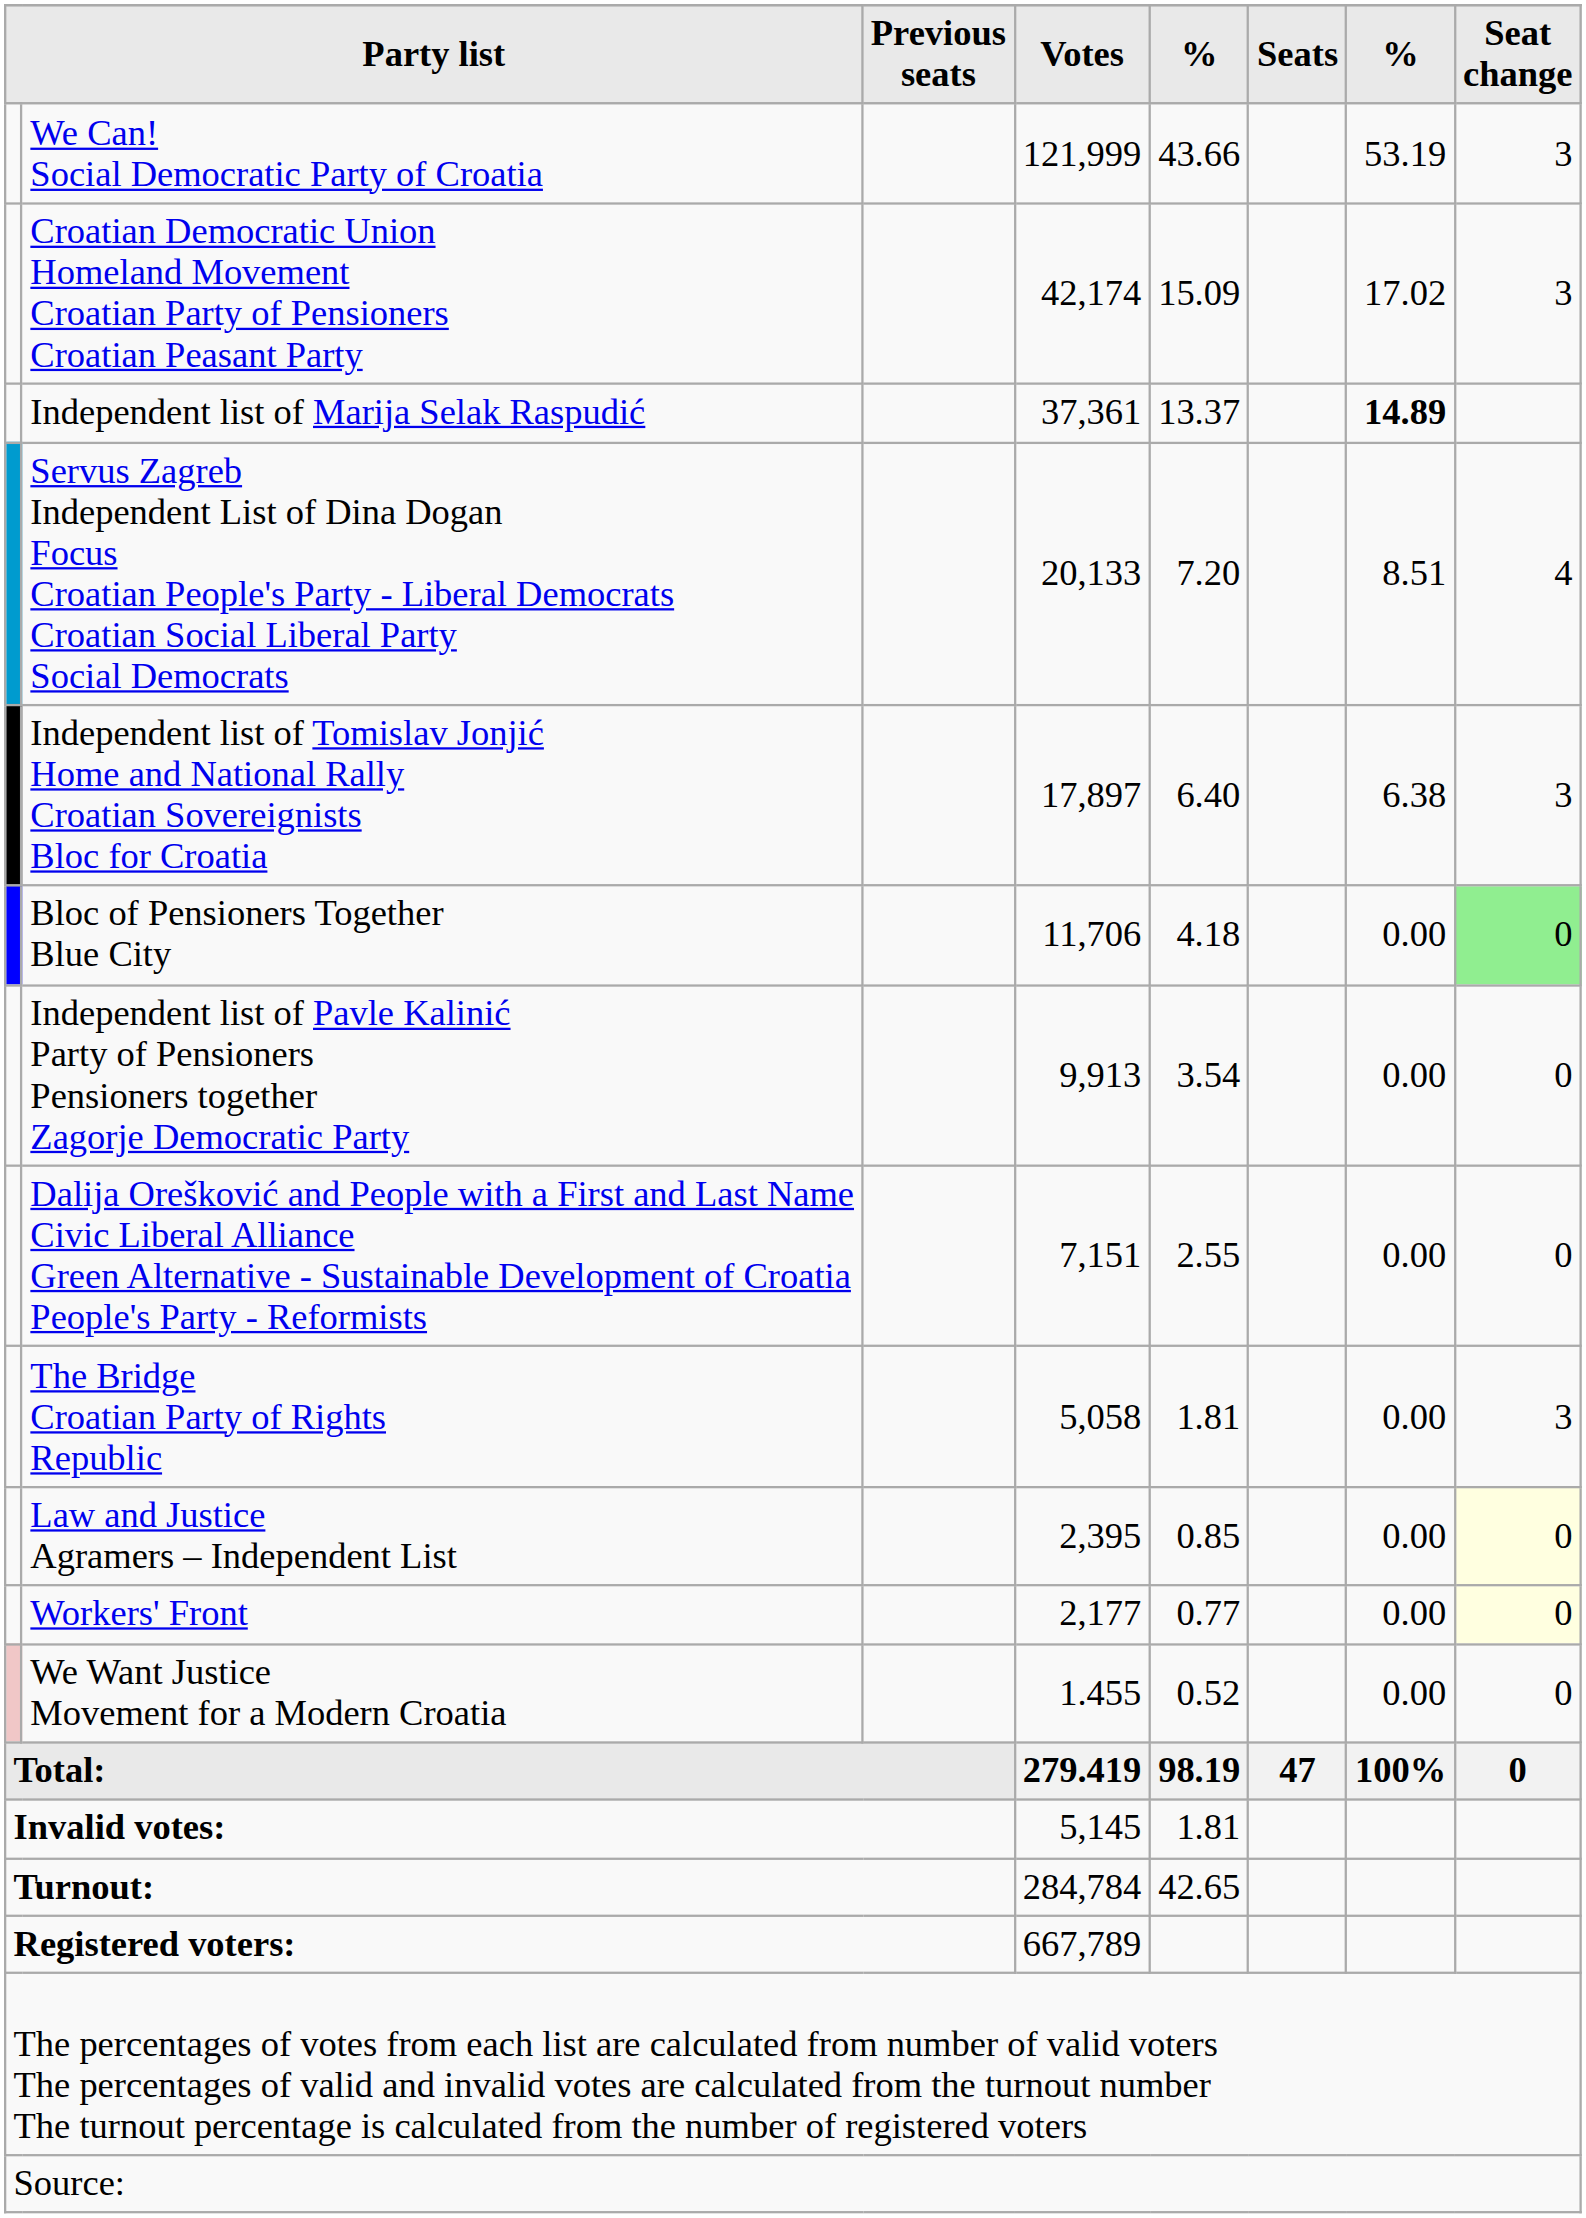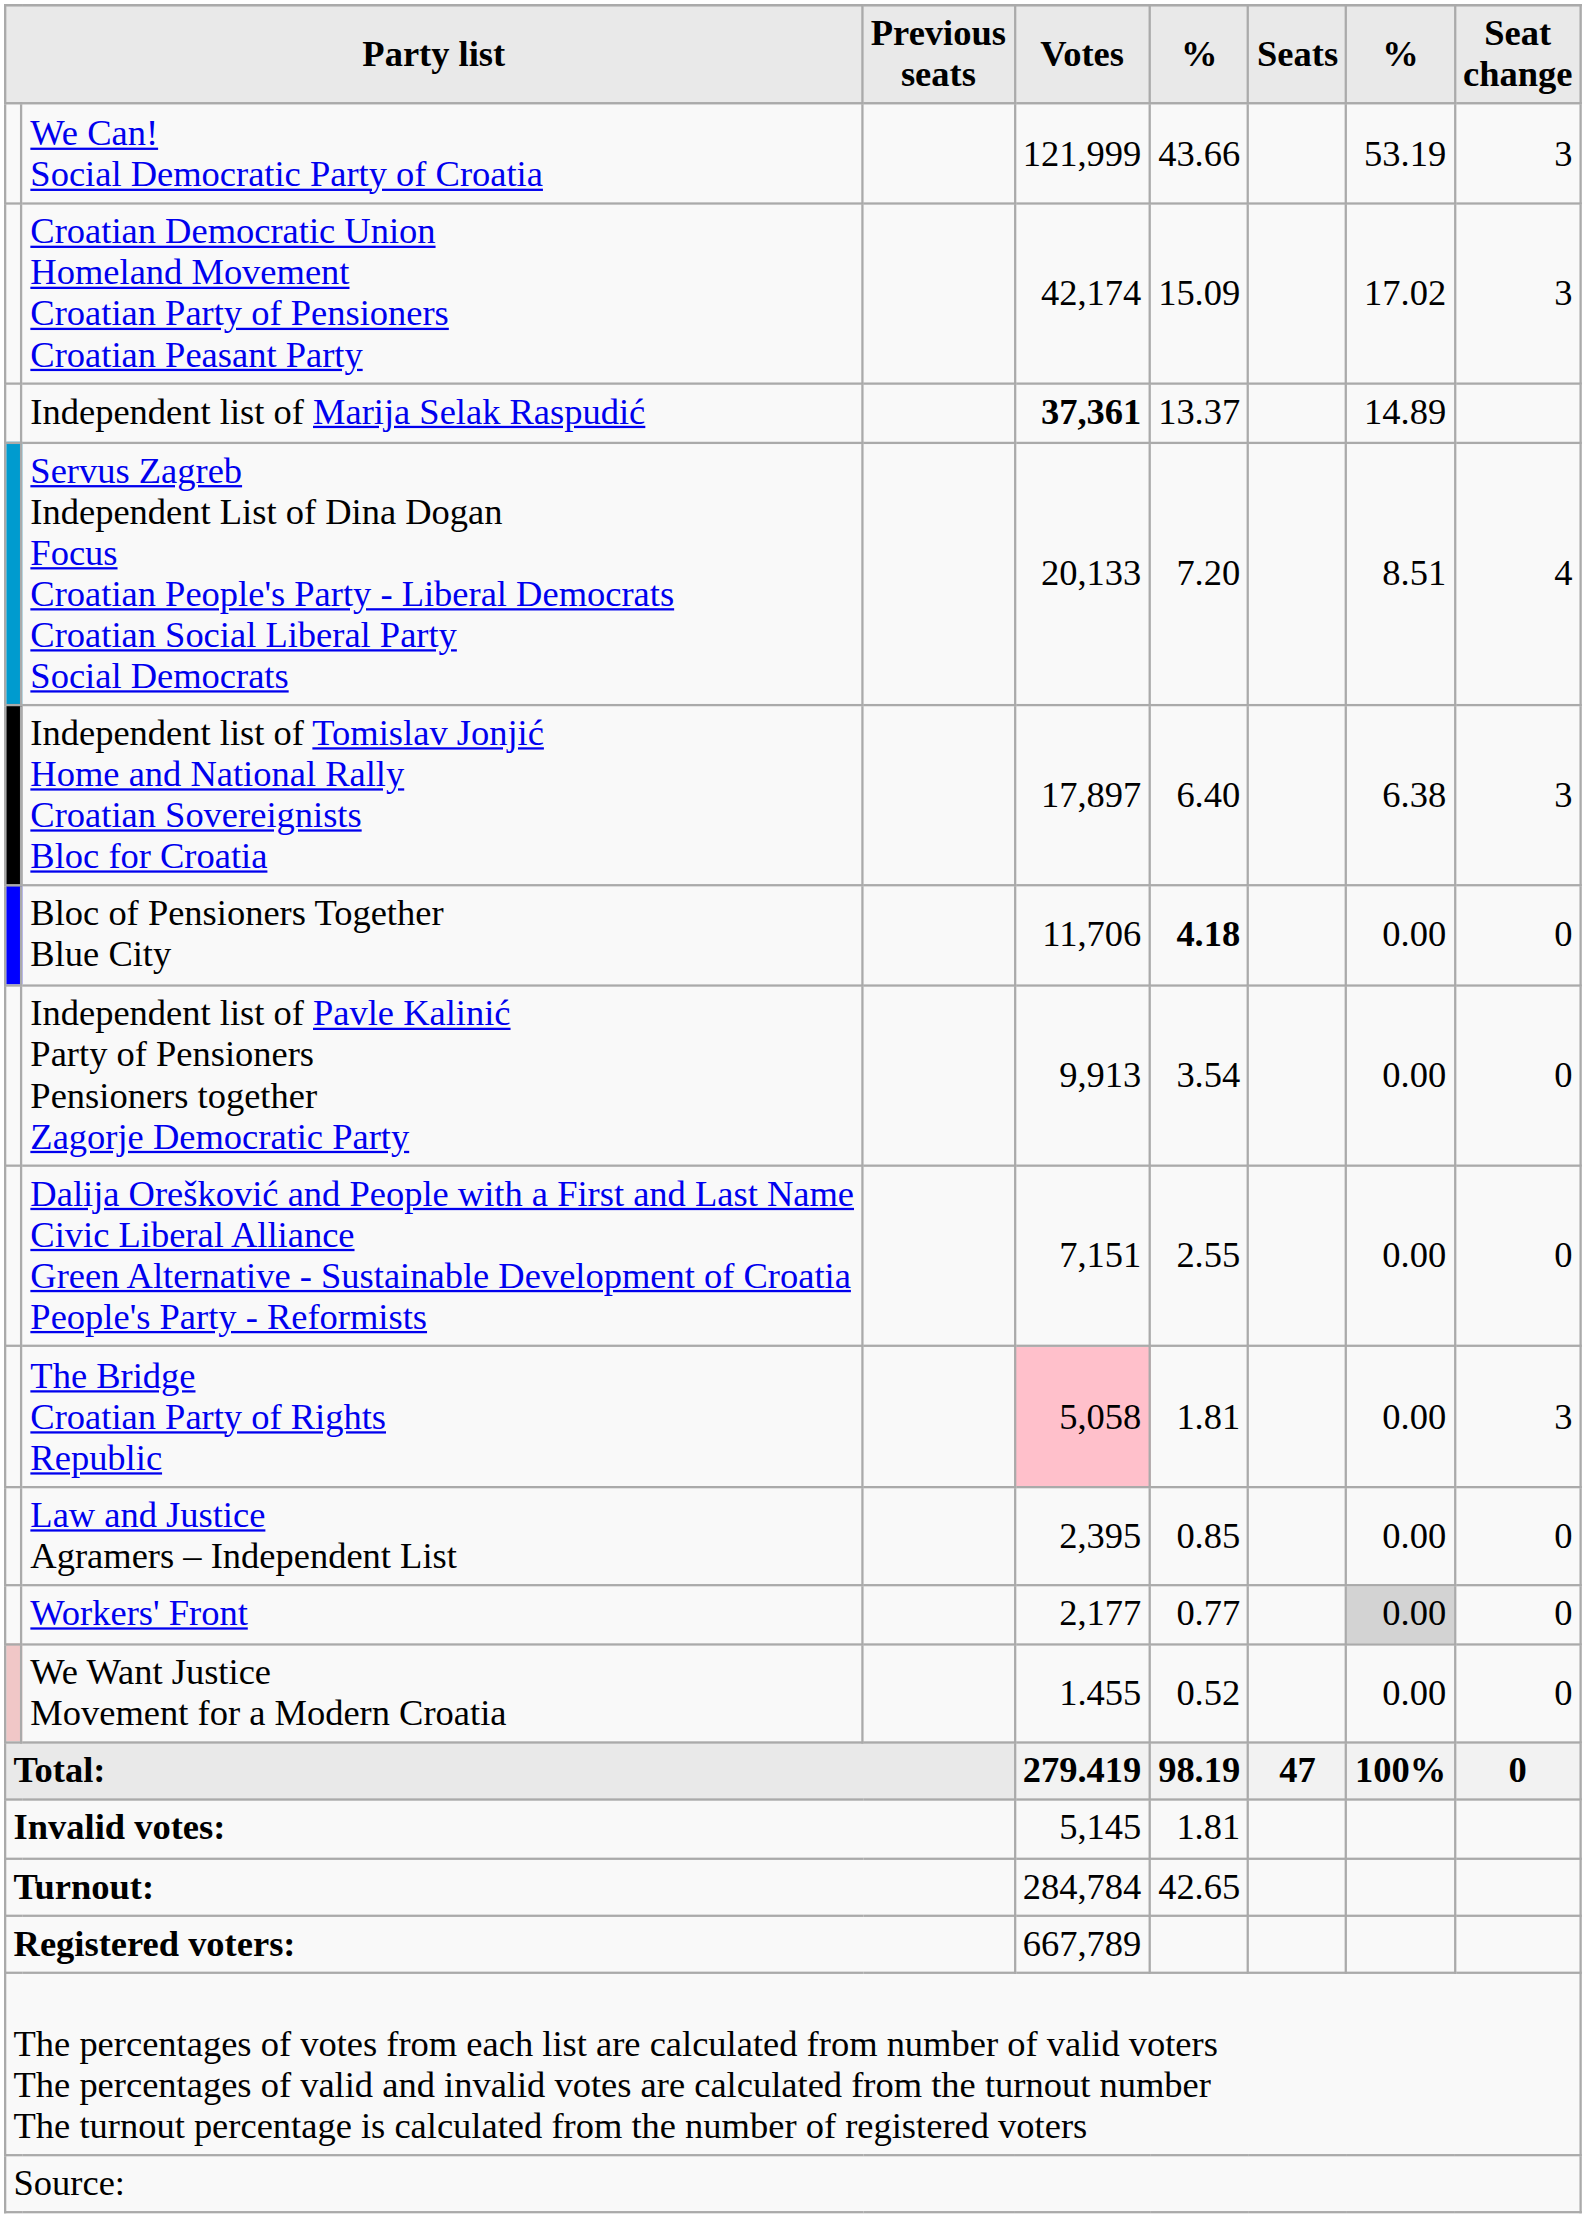 <table class="wikitable" border="1">
 <tr>
 </tr>
 <tr style="background-color:#C9C9C9">
 <th style="background-color:#E9E9E9" align= center colspan="2">Party list</th>
 <th style="background-color:#E9E9E9" align= center>Previous<br>seats</th>
 <th style="background-color:#E9E9E9" align= center>Votes</th>
 <th style="background-color:#E9E9E9" align= center>%</th>
 <th style="background-color:#E9E9E9" align= center>Seats</th>
 <th style="background-color:#E9E9E9" align= center>%</th>
 <th style="background-color:#E9E9E9" align= center>Seat<br>change</th>
 </tr>
 <tr>
 <td bgcolor= ></td>
 <td align = left><a href='#'>We Can!</a> <br> <a href='#'>Social Democratic Party of Croatia</a></td>
 <td align = left></td>
 <td align = right>121,999</td>
 <td align = right>43.66</td>
 <td align = left></td>
 <td align = right>53.19</td>
 <td align = right> 3</td>
 </tr>
 <tr>
 <td bgcolor= ></td>
 <td align = left><a href='#'>Croatian Democratic Union</a> <br><a href='#'>Homeland Movement</a> <br> <a href='#'>Croatian Party of Pensioners</a> <br> <a href='#'>Croatian Peasant Party</a></td>
 <td align = left></td>
 <td align = right>42,174</td>
 <td align = right>15.09</td>
 <td align = left></td>
 <td align = right>17.02</td>
 <td align = right> 3</td>
 </tr>
 <tr>
 <td></td>
 <td align="left">Independent list of <a href='#'>Marija Selak Raspudić</a></td>
 <td align="left"></td>
-<td align="right">37,361</td>
+<td align="right"><strong>37,361</strong></td>
 <td align="right">13.37</td>
 <td align="left"></td>
-<td align="right"><strong>14.89</strong></td>
+<td align="right">14.89</td>
 <td align="right"></td>
 </tr>
 <tr>
 <td bgcolor=#009bcf></td>
 <td align="left"><a href='#'>Servus Zagreb</a> <br> Independent List of Dina Dogan <br> <a href='#'>Focus</a> <br> <a href='#'>Croatian People's Party - Liberal Democrats</a> <br> <a href='#'>Croatian Social Liberal Party</a> <br> <a href='#'>Social Democrats</a></td>
 <td align="left"></td>
 <td align="right">20,133</td>
 <td align="right">7.20</td>
 <td align="left"></td>
 <td align="right">8.51</td>
 <td align="right"> 4</td>
 </tr>
 <tr>
 <td bgcolor=black></td>
 <td align="left">Independent list of <a href='#'>Tomislav Jonjić</a> <br> <a href='#'>Home and National Rally</a> <br> <a href='#'>Croatian Sovereignists</a> <br> <a href='#'>Bloc for Croatia</a></td>
 <td align="left"></td>
 <td align="right">17,897</td>
 <td align="right">6.40</td>
 <td align="left"></td>
 <td align="right">6.38</td>
 <td align="right"> 3</td>
 </tr>
 <tr>
 <td bgcolor="blue"></td>
 <td align="left">Bloc of Pensioners Together <br> Blue City</td>
 <td align="left"></td>
 <td align="right">11,706</td>
-<td align="right">4.18</td>
+<td align="right"><strong>4.18</strong></td>
 <td align="left"></td>
 <td align="right">0.00</td>
-<td align="right" style="background: lightgreen;"> 0</td>
+<td align="right"> 0</td>
 </tr>
 <tr>
 <td></td>
 <td align = left>Independent list of <a href='#'>Pavle Kalinić</a> <br> Party of Pensioners <br> Pensioners together <br> <a href='#'>Zagorje Democratic Party</a></td>
 <td align = left></td>
 <td align = right>9,913</td>
 <td align = right>3.54</td>
 <td align = left></td>
 <td align = right>0.00</td>
 <td align = right> 0</td>
 </tr>
 <tr>
 <td></td>
 <td align="left"><a href='#'>Dalija Orešković and People with a First and Last Name</a> <br> <a href='#'>Civic Liberal Alliance</a> <br> <a href='#'>Green Alternative - Sustainable Development of Croatia</a> <br> <a href='#'>People's Party - Reformists</a></td>
 <td align="left"></td>
 <td align="right">7,151</td>
 <td align="right">2.55</td>
 <td align="left"></td>
 <td align="right">0.00</td>
 <td align="right"> 0</td>
 </tr>
 <tr>
 <td></td>
 <td align="left"><a href='#'>The Bridge</a> <br> <a href='#'>Croatian Party of Rights</a> <br> <a href='#'>Republic</a></td>
 <td align="left"></td>
-<td align="right">5,058</td>
+<td align="right" style="background: pink;">5,058</td>
 <td align="right">1.81</td>
 <td align="left"></td>
 <td align="right">0.00</td>
 <td align="right"> 3</td>
 </tr>
 <tr>
 <td></td>
 <td align="left"><a href='#'>Law and Justice</a> <br> Agramers – Independent List</td>
 <td align="left"></td>
 <td align="right">2,395</td>
 <td align="right">0.85</td>
 <td align="left"></td>
 <td align="right">0.00</td>
-<td align="right" style="background: lightyellow;"> 0</td>
+<td align="right"> 0</td>
 </tr>
 <tr>
 <td></td>
 <td align="left"><a href='#'>Workers' Front</a></td>
 <td align="left"></td>
 <td align="right">2,177</td>
 <td align="right">0.77</td>
 <td align="left"></td>
-<td align="right">0.00</td>
-<td align="right" style="background: lightyellow;"> 0</td>
+<td align="right" style="background: lightgrey;">0.00</td>
+<td align="right"> 0</td>
 </tr>
 <tr>
 <td bgcolor="#f0c7c7"></td>
 <td align="left">We Want Justice <br> Movement for a Modern Croatia</td>
 <td align="left"></td>
 <td align="right">1.455</td>
 <td align="right">0.52</td>
 <td align="left"></td>
 <td align="right">0.00</td>
 <td align="right"> 0</td>
 </tr>
 <tr style="background-color:#E9E9E9">
 <td colspan="3" align="left"><strong>Total:</strong></td>
 <th align="right">279.419</th>
 <th align="right">98.19</th>
 <th align="right">47</th>
 <th align="right">100%</th>
 <th align="right"> 0</th>
 </tr>
 <tr>
 <td colspan="3" align="left"><strong>Invalid votes:</strong></td>
 <td align="right">5,145</td>
 <td align="right">1.81</td>
 <td align="right"></td>
 <td align="right"></td>
 <td align="right"></td>
 </tr>
 <tr>
 <td colspan="3" align="left"><strong>Turnout:</strong></td>
 <td align="right">284,784</td>
 <td align="right">42.65</td>
 <td align="right"></td>
 <td align="right"></td>
 <td align="right"></td>
 </tr>
 <tr>
 <td colspan="3" align="left"><strong>Registered voters:</strong></td>
 <td align="right">667,789</td>
 <td align="right"></td>
 <td align="right"></td>
 <td align="right"></td>
 <td align="right"></td>
 </tr>
 <tr>
 <td align=left colspan=8><br>The percentages of votes from each list are calculated from number of valid voters<br> The percentages of valid and invalid votes are calculated from the turnout number<br> The turnout percentage is calculated from the number of registered voters</td>
 </tr>
 <tr>
 <td align=left colspan=8>Source: </td>
 </tr>
 </table>
